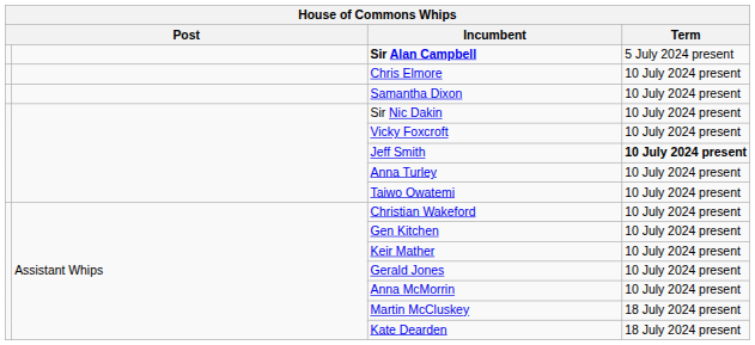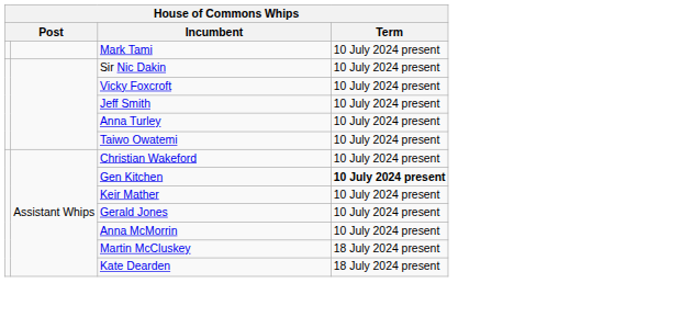 <table class="wikitable">
 <tr>
 <th colspan="4">House of Commons Whips</th>
 </tr>
 <tr>
 <th colspan="2">Post</th>
 <th>Incumbent</th>
 <th>Term</th>
 </tr>
 <tr>
-<td rowspan=1 style="width: 1px; background: "></td>
-<td rowspan=1 style="width: 450px;"></td>
-<td style="width: 320px;"><strong>Sir <a href='#'>Alan Campbell</a></strong></td>
-<td>5 July 2024 present</td>
-</tr>
-<tr>
 <td rowspan="1" style="width: 1px; background: "></td>
 <td rowspan="1"></td>
-<td style="width: 320px;"><a href='#'>Chris Elmore</a></td>
-<td>10 July 2024 present</td>
-</tr>
-<tr>
-<td rowspan="1" style="width: 1px; background: "></td>
-<td rowspan="1"></td>
-<td style="width: 320px;"><a href='#'>Samantha Dixon</a></td>
+<td style="width: 320px;"><a href='#'>Mark Tami</a></td>
 <td>10 July 2024 present</td>
 </tr>
 <tr>
 <td rowspan="5" style="width: 1px; background: "></td>
 <td rowspan="5"></td>
 <td style="width: 320px;">Sir <a href='#'>Nic Dakin</a></td>
 <td>10 July 2024 present</td>
 </tr>
 <tr>
 <td><a href='#'>Vicky Foxcroft</a></td>
 <td>10 July 2024 present</td>
 </tr>
 <tr>
 <td><a href='#'>Jeff Smith</a></td>
-<td><strong>10 July 2024 present</strong></td>
+<td>10 July 2024 present</td>
 </tr>
 <tr>
 <td><a href='#'>Anna Turley</a></td>
 <td>10 July 2024 present</td>
 </tr>
 <tr>
 <td><a href='#'>Taiwo Owatemi</a></td>
 <td>10 July 2024 present</td>
 </tr>
 <tr>
 <td rowspan="7" style="width: 1px; background: "></td>
 <td rowspan="7">Assistant Whips</td>
 <td><a href='#'>Christian Wakeford</a></td>
 <td>10 July 2024 present</td>
 </tr>
 <tr>
 <td><a href='#'>Gen Kitchen</a></td>
-<td>10 July 2024 present</td>
+<td><strong>10 July 2024 present</strong></td>
 </tr>
 <tr>
 <td><a href='#'>Keir Mather</a></td>
 <td>10 July 2024 present</td>
 </tr>
 <tr>
 <td><a href='#'>Gerald Jones</a></td>
 <td>10 July 2024 present</td>
 </tr>
 <tr>
 <td><a href='#'>Anna McMorrin</a></td>
 <td>10 July 2024 present</td>
 </tr>
 <tr>
 <td><a href='#'>Martin McCluskey</a></td>
 <td>18 July 2024 present</td>
 </tr>
 <tr>
 <td><a href='#'>Kate Dearden</a></td>
 <td>18 July 2024 present</td>
 </tr>
 </table>
